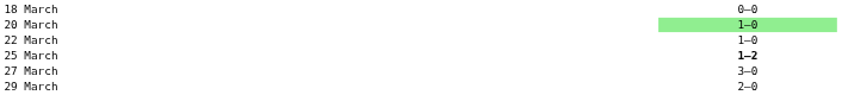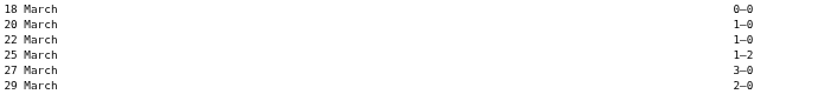 <table cellspacing=1 width=70%>
 <tr>
 <th width=25%></th>
 <th width=30%></th>
 <th width=15%></th>
 <th width=30%></th>
 </tr>
 <tr>
 <td>18 March</td>
 <td align=right></td>
 <td align=center>0–0</td>
 <td></td>
 </tr>
 <tr>
 <td>20 March</td>
 <td align=right></td>
-<td align=center style="background: lightgreen;">1–0</td>
+<td align=center>1–0</td>
 <td></td>
 </tr>
 <tr>
 <td>22 March</td>
 <td align=right></td>
 <td align=center>1–0</td>
 <td></td>
 </tr>
 <tr>
 <td>25 March</td>
 <td align=right></td>
-<td align=center><strong>1–2</strong></td>
+<td align=center>1–2</td>
 <td></td>
 </tr>
 <tr>
 <td>27 March</td>
 <td align=right></td>
 <td align=center>3–0</td>
 <td></td>
 </tr>
 <tr>
 <td>29 March</td>
 <td align=right></td>
 <td align=center>2–0</td>
 <td></td>
 </tr>
 </table>
